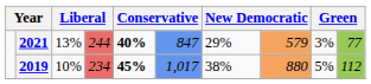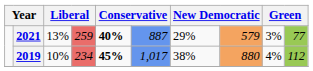 <table class="wikitable" style="float:right; width:400; font-size:90%; margin-left:1em;">
 <tr>
 <th colspan="2" scope="col">Year</th>
 <th colspan="2" scope="col"><a href='#'>Liberal</a></th>
 <th colspan="2" scope="col"><a href='#'>Conservative</a></th>
 <th colspan="2" scope="col"><a href='#'>New Democratic</a></th>
 <th colspan="2" scope="col"><a href='#'>Green</a></th>
 </tr>
 <tr>
 <td rowspan="2" style="width: 0.25em; background-color: "></td>
 <th><a href='#'>2021</a></th>
 <td>13%</td>
-<td style="text-align:right; background:#EA6D6A;"><em>244</em></td>
+<td style="text-align:right; background:#EA6D6A;"><em>259</em></td>
 <td><strong>40%</strong></td>
-<td style="text-align:right; background:#6495ED;"><em>847</em></td>
+<td style="text-align:right; background:#6495ED;"><em>887</em></td>
 <td>29%</td>
 <td style="text-align:right; background:#F4A460;"><em>579</em></td>
 <td>3%</td>
 <td style="text-align:right; background:#99C955;"><em>77</em></td>
 </tr>
 <tr>
 <th><a href='#'>2019</a></th>
 <td>10%</td>
 <td style="text-align:right; background:#EA6D6A;"><em>234</em></td>
 <td><strong>45%</strong></td>
 <td style="text-align:right; background:#6495ED;"><em>1,017</em></td>
 <td>38%</td>
 <td style="text-align:right; background:#F4A460;"><em>880</em></td>
-<td>5%</td>
+<td>4%</td>
 <td style="text-align:right; background:#99C955;"><em>112</em></td>
 </tr>
 <tr>
 </tr>
 </table>
